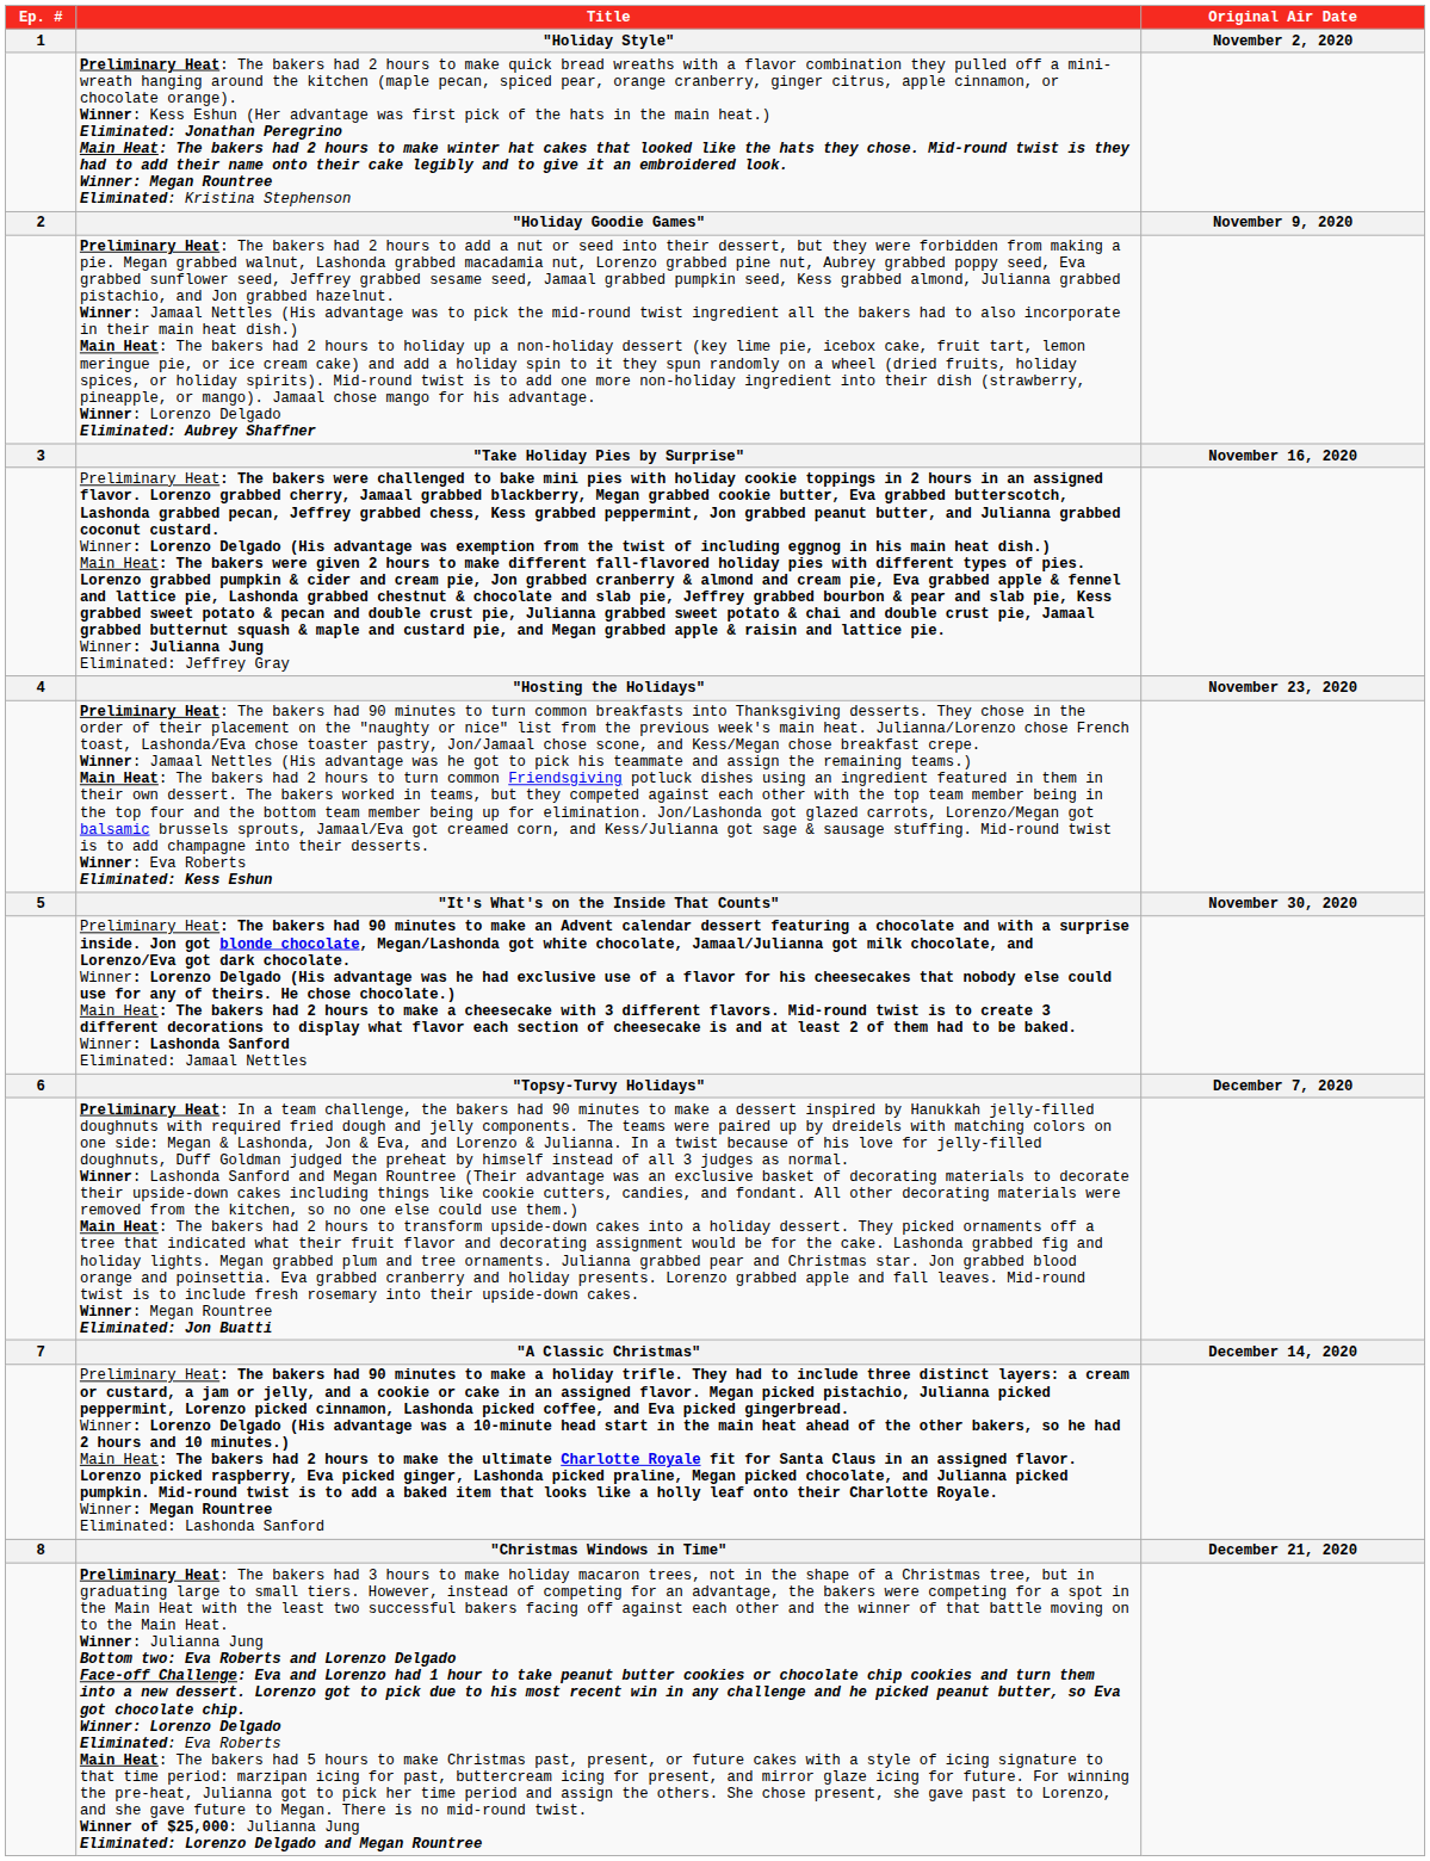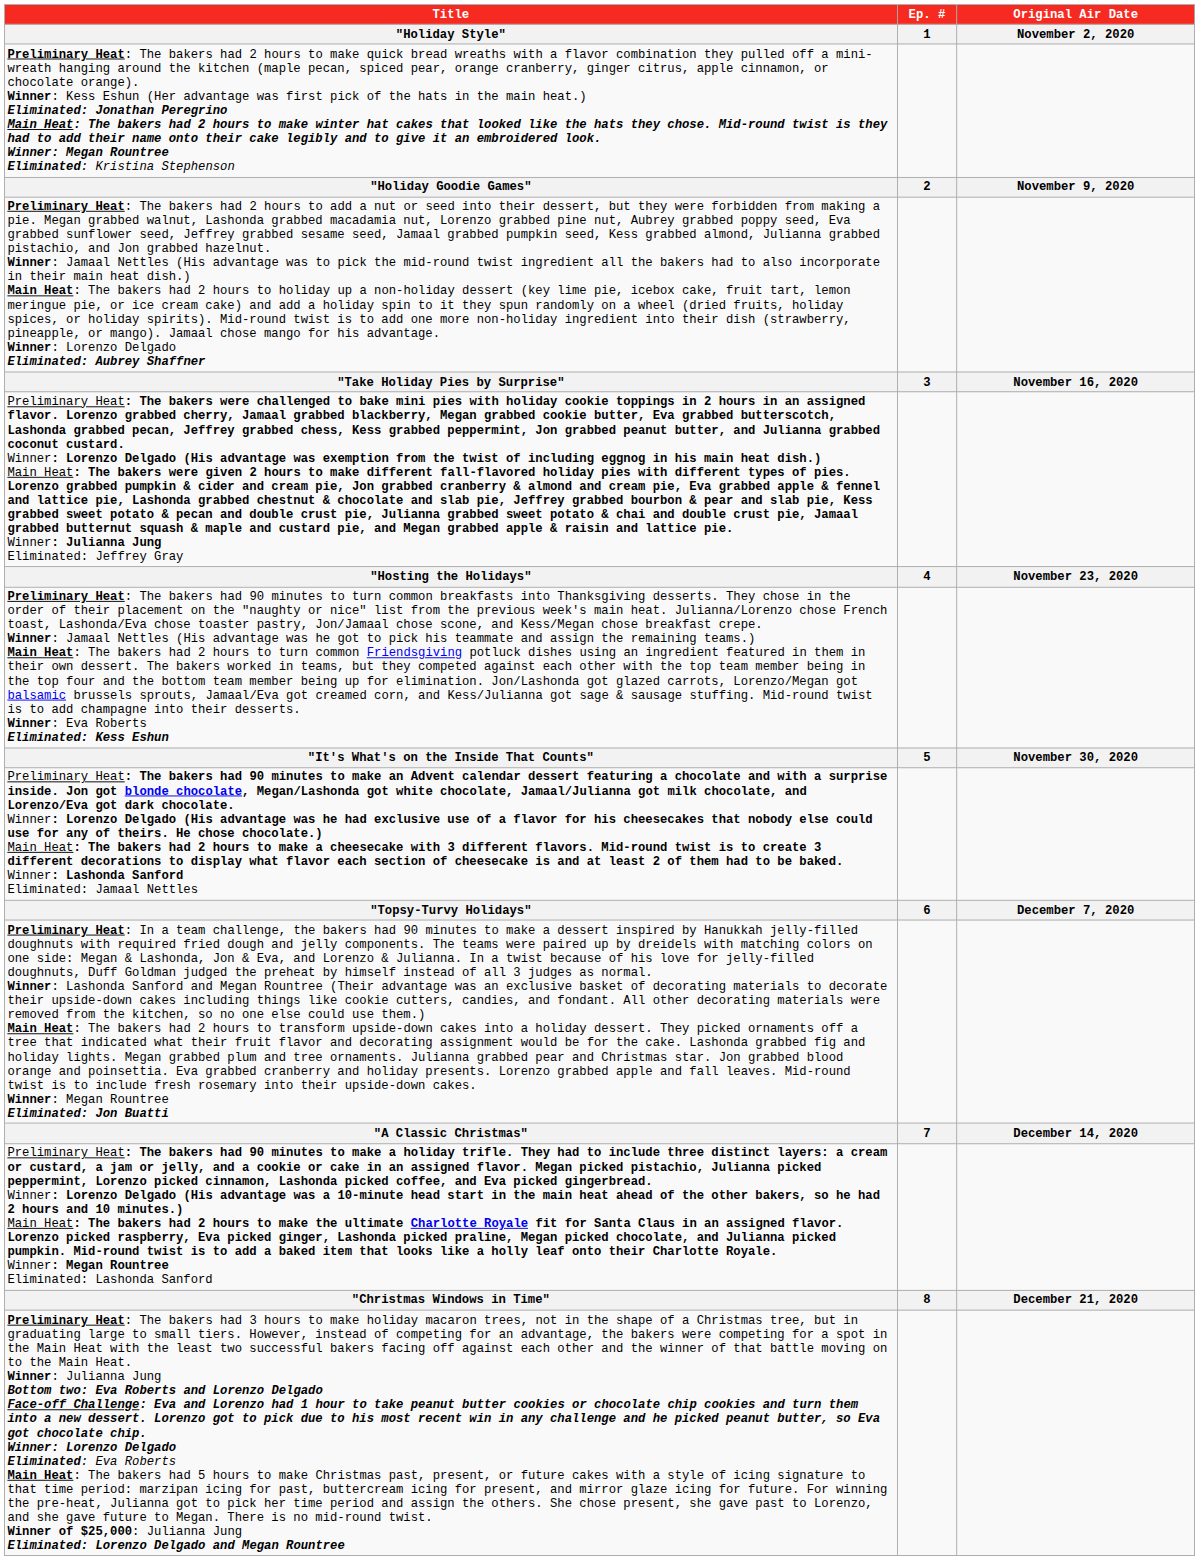 <table class="wikitable plainrowheaders" style="width:80%;">
 <tr>
+<th style="background-color: #f62a20; color: #FFFFFF;">Title</th>
 <th style="background-color: #f62a20; color: #FFFFFF;" width=5%>Ep. #</th>
-<th style="background-color: #f62a20; color: #FFFFFF;">Title</th>
 <th style="background-color: #f62a20; color: #FFFFFF;" width=20%>Original Air Date</th>
 </tr>
 <tr>
+<th>"Holiday Style"</th>
 <th align="center">1</th>
-<th>"Holiday Style"</th>
 <th>November 2, 2020</th>
 </tr>
 <tr>
+<td><strong><u>Preliminary Heat</u></strong>: The bakers had 2 hours to make quick bread wreaths with a flavor combination they pulled off a mini-wreath hanging around the kitchen (maple pecan, spiced pear, orange cranberry, ginger citrus, apple cinnamon, or chocolate orange).<br><strong>Winner</strong>: Kess Eshun (Her advantage was first pick of the hats in the main heat.)<br><strong><em>Eliminated<strong>: Jonathan Peregrino<em><br></strong><u>Main Heat</u><strong>: The bakers had 2 hours to make winter hat cakes that looked like the hats they chose. Mid-round twist is they had to add their name onto their cake legibly and to give it an embroidered look.<br></strong>Winner<strong>: Megan Rountree<br></em></strong>Eliminated</strong>: Kristina Stephenson</em></td>
 <td></td>
-<td><strong><u>Preliminary Heat</u></strong>: The bakers had 2 hours to make quick bread wreaths with a flavor combination they pulled off a mini-wreath hanging around the kitchen (maple pecan, spiced pear, orange cranberry, ginger citrus, apple cinnamon, or chocolate orange).<br><strong>Winner</strong>: Kess Eshun (Her advantage was first pick of the hats in the main heat.)<br><strong><em>Eliminated<strong>: Jonathan Peregrino<em><br></strong><u>Main Heat</u><strong>: The bakers had 2 hours to make winter hat cakes that looked like the hats they chose. Mid-round twist is they had to add their name onto their cake legibly and to give it an embroidered look.<br></strong>Winner<strong>: Megan Rountree<br></em></strong>Eliminated</strong>: Kristina Stephenson</em></td>
 <td></td>
 </tr>
 <tr>
+<th>"Holiday Goodie Games"</th>
 <th align="center">2</th>
-<th>"Holiday Goodie Games"</th>
 <th>November 9, 2020</th>
 </tr>
 <tr>
+<td><strong><u>Preliminary Heat</u></strong>: The bakers had 2 hours to add a nut or seed into their dessert, but they were forbidden from making a pie. Megan grabbed walnut, Lashonda grabbed macadamia nut, Lorenzo grabbed pine nut, Aubrey grabbed poppy seed, Eva grabbed sunflower seed, Jeffrey grabbed sesame seed, Jamaal grabbed pumpkin seed, Kess grabbed almond, Julianna grabbed pistachio, and Jon grabbed hazelnut.<br><strong>Winner</strong>: Jamaal Nettles (His advantage was to pick the mid-round twist ingredient all the bakers had to also incorporate in their main heat dish.)<br><strong><u>Main Heat</u></strong>: The bakers had 2 hours to holiday up a non-holiday dessert (key lime pie, icebox cake, fruit tart, lemon meringue pie, or ice cream cake) and add a holiday spin to it they spun randomly on a wheel (dried fruits, holiday spices, or holiday spirits). Mid-round twist is to add one more non-holiday ingredient into their dish (strawberry, pineapple, or mango). Jamaal chose mango for his advantage.<br><strong>Winner</strong>: Lorenzo Delgado<br><strong><em>Eliminated<strong>: Aubrey Shaffner<em></td>
 <td></td>
-<td><strong><u>Preliminary Heat</u></strong>: The bakers had 2 hours to add a nut or seed into their dessert, but they were forbidden from making a pie. Megan grabbed walnut, Lashonda grabbed macadamia nut, Lorenzo grabbed pine nut, Aubrey grabbed poppy seed, Eva grabbed sunflower seed, Jeffrey grabbed sesame seed, Jamaal grabbed pumpkin seed, Kess grabbed almond, Julianna grabbed pistachio, and Jon grabbed hazelnut.<br><strong>Winner</strong>: Jamaal Nettles (His advantage was to pick the mid-round twist ingredient all the bakers had to also incorporate in their main heat dish.)<br><strong><u>Main Heat</u></strong>: The bakers had 2 hours to holiday up a non-holiday dessert (key lime pie, icebox cake, fruit tart, lemon meringue pie, or ice cream cake) and add a holiday spin to it they spun randomly on a wheel (dried fruits, holiday spices, or holiday spirits). Mid-round twist is to add one more non-holiday ingredient into their dish (strawberry, pineapple, or mango). Jamaal chose mango for his advantage.<br><strong>Winner</strong>: Lorenzo Delgado<br><strong><em>Eliminated<strong>: Aubrey Shaffner<em></td>
 <td></td>
 </tr>
 <tr>
+<th>"Take Holiday Pies by Surprise"</th>
 <th align="center">3</th>
-<th>"Take Holiday Pies by Surprise"</th>
 <th>November 16, 2020</th>
 </tr>
 <tr>
+<td></strong><u>Preliminary Heat</u><strong>: The bakers were challenged to bake mini pies with holiday cookie toppings in 2 hours in an assigned flavor. Lorenzo grabbed cherry, Jamaal grabbed blackberry, Megan grabbed cookie butter, Eva grabbed butterscotch, Lashonda grabbed pecan, Jeffrey grabbed chess, Kess grabbed peppermint, Jon grabbed peanut butter, and Julianna grabbed coconut custard.<br></strong>Winner<strong>: Lorenzo Delgado (His advantage was exemption from the twist of including eggnog in his main heat dish.)<br></strong><u>Main Heat</u><strong>: The bakers were given 2 hours to make different fall-flavored holiday pies with different types of pies. Lorenzo grabbed pumpkin & cider and cream pie, Jon grabbed cranberry & almond and cream pie, Eva grabbed apple & fennel and lattice pie, Lashonda grabbed chestnut & chocolate and slab pie, Jeffrey grabbed bourbon & pear and slab pie, Kess grabbed sweet potato & pecan and double crust pie, Julianna grabbed sweet potato & chai and double crust pie, Jamaal grabbed butternut squash & maple and custard pie, and Megan grabbed apple & raisin and lattice pie.<br></strong>Winner<strong>: Julianna Jung<br></em></strong>Eliminated</strong>: Jeffrey Gray</em></td>
 <td></td>
-<td></strong><u>Preliminary Heat</u><strong>: The bakers were challenged to bake mini pies with holiday cookie toppings in 2 hours in an assigned flavor. Lorenzo grabbed cherry, Jamaal grabbed blackberry, Megan grabbed cookie butter, Eva grabbed butterscotch, Lashonda grabbed pecan, Jeffrey grabbed chess, Kess grabbed peppermint, Jon grabbed peanut butter, and Julianna grabbed coconut custard.<br></strong>Winner<strong>: Lorenzo Delgado (His advantage was exemption from the twist of including eggnog in his main heat dish.)<br></strong><u>Main Heat</u><strong>: The bakers were given 2 hours to make different fall-flavored holiday pies with different types of pies. Lorenzo grabbed pumpkin & cider and cream pie, Jon grabbed cranberry & almond and cream pie, Eva grabbed apple & fennel and lattice pie, Lashonda grabbed chestnut & chocolate and slab pie, Jeffrey grabbed bourbon & pear and slab pie, Kess grabbed sweet potato & pecan and double crust pie, Julianna grabbed sweet potato & chai and double crust pie, Jamaal grabbed butternut squash & maple and custard pie, and Megan grabbed apple & raisin and lattice pie.<br></strong>Winner<strong>: Julianna Jung<br></em></strong>Eliminated</strong>: Jeffrey Gray</em></td>
 <td></td>
 </tr>
 <tr>
+<th>"Hosting the Holidays"</th>
 <th align="center">4</th>
-<th>"Hosting the Holidays"</th>
 <th>November 23, 2020</th>
 </tr>
 <tr>
+<td><strong><u>Preliminary Heat</u></strong>: The bakers had 90 minutes to turn common breakfasts into Thanksgiving desserts. They chose in the order of their placement on the "naughty or nice" list from the previous week's main heat. Julianna/Lorenzo chose French toast, Lashonda/Eva chose toaster pastry, Jon/Jamaal chose scone, and Kess/Megan chose breakfast crepe.<br><strong>Winner</strong>: Jamaal Nettles (His advantage was he got to pick his teammate and assign the remaining teams.)<br><strong><u>Main Heat</u></strong>: The bakers had 2 hours to turn common <a href='#'>Friendsgiving</a> potluck dishes using an ingredient featured in them in their own dessert. The bakers worked in teams, but they competed against each other with the top team member being in the top four and the bottom team member being up for elimination. Jon/Lashonda got glazed carrots, Lorenzo/Megan got <a href='#'>balsamic</a> brussels sprouts, Jamaal/Eva got creamed corn, and Kess/Julianna got sage & sausage stuffing. Mid-round twist is to add champagne into their desserts.<br><strong>Winner</strong>: Eva Roberts<br><strong><em>Eliminated<strong>: Kess Eshun<em></td>
 <td></td>
-<td><strong><u>Preliminary Heat</u></strong>: The bakers had 90 minutes to turn common breakfasts into Thanksgiving desserts. They chose in the order of their placement on the "naughty or nice" list from the previous week's main heat. Julianna/Lorenzo chose French toast, Lashonda/Eva chose toaster pastry, Jon/Jamaal chose scone, and Kess/Megan chose breakfast crepe.<br><strong>Winner</strong>: Jamaal Nettles (His advantage was he got to pick his teammate and assign the remaining teams.)<br><strong><u>Main Heat</u></strong>: The bakers had 2 hours to turn common <a href='#'>Friendsgiving</a> potluck dishes using an ingredient featured in them in their own dessert. The bakers worked in teams, but they competed against each other with the top team member being in the top four and the bottom team member being up for elimination. Jon/Lashonda got glazed carrots, Lorenzo/Megan got <a href='#'>balsamic</a> brussels sprouts, Jamaal/Eva got creamed corn, and Kess/Julianna got sage & sausage stuffing. Mid-round twist is to add champagne into their desserts.<br><strong>Winner</strong>: Eva Roberts<br><strong><em>Eliminated<strong>: Kess Eshun<em></td>
 <td></td>
 </tr>
 <tr>
+<th>"It's What's on the Inside That Counts"</th>
 <th>5</th>
-<th>"It's What's on the Inside That Counts"</th>
 <th>November 30, 2020</th>
 </tr>
 <tr>
+<td></strong><u>Preliminary Heat</u><strong>: The bakers had 90 minutes to make an Advent calendar dessert featuring a chocolate and with a surprise inside. Jon got <a href='#'>blonde chocolate</a>, Megan/Lashonda got white chocolate, Jamaal/Julianna got milk chocolate, and Lorenzo/Eva got dark chocolate.<br></strong>Winner<strong>: Lorenzo Delgado (His advantage was he had exclusive use of a flavor for his cheesecakes that nobody else could use for any of theirs. He chose chocolate.)<br></strong><u>Main Heat</u><strong>: The bakers had 2 hours to make a cheesecake with 3 different flavors. Mid-round twist is to create 3 different decorations to display what flavor each section of cheesecake is and at least 2 of them had to be baked.<br></strong>Winner<strong>: Lashonda Sanford<br></em></strong>Eliminated</strong>: Jamaal Nettles</em></td>
 <td></td>
-<td></strong><u>Preliminary Heat</u><strong>: The bakers had 90 minutes to make an Advent calendar dessert featuring a chocolate and with a surprise inside. Jon got <a href='#'>blonde chocolate</a>, Megan/Lashonda got white chocolate, Jamaal/Julianna got milk chocolate, and Lorenzo/Eva got dark chocolate.<br></strong>Winner<strong>: Lorenzo Delgado (His advantage was he had exclusive use of a flavor for his cheesecakes that nobody else could use for any of theirs. He chose chocolate.)<br></strong><u>Main Heat</u><strong>: The bakers had 2 hours to make a cheesecake with 3 different flavors. Mid-round twist is to create 3 different decorations to display what flavor each section of cheesecake is and at least 2 of them had to be baked.<br></strong>Winner<strong>: Lashonda Sanford<br></em></strong>Eliminated</strong>: Jamaal Nettles</em></td>
 <td></td>
 </tr>
 <tr>
+<th>"Topsy-Turvy Holidays"</th>
 <th>6</th>
-<th>"Topsy-Turvy Holidays"</th>
 <th>December 7, 2020</th>
 </tr>
 <tr>
+<td><strong><u>Preliminary Heat</u></strong>: In a team challenge, the bakers had 90 minutes to make a dessert inspired by Hanukkah jelly-filled doughnuts with required fried dough and jelly components. The teams were paired up by dreidels with matching colors on one side: Megan & Lashonda, Jon & Eva, and Lorenzo & Julianna. In a twist because of his love for jelly-filled doughnuts, Duff Goldman judged the preheat by himself instead of all 3 judges as normal.<br><strong>Winner</strong>: Lashonda Sanford and Megan Rountree (Their advantage was an exclusive basket of decorating materials to decorate their upside-down cakes including things like cookie cutters, candies, and fondant. All other decorating materials were removed from the kitchen, so no one else could use them.)<br><strong><u>Main Heat</u></strong>: The bakers had 2 hours to transform upside-down cakes into a holiday dessert. They picked ornaments off a tree that indicated what their fruit flavor and decorating assignment would be for the cake. Lashonda grabbed fig and holiday lights. Megan grabbed plum and tree ornaments. Julianna grabbed pear and Christmas star. Jon grabbed blood orange and poinsettia. Eva grabbed cranberry and holiday presents. Lorenzo grabbed apple and fall leaves. Mid-round twist is to include fresh rosemary into their upside-down cakes.<br><strong>Winner</strong>: Megan Rountree<br><strong><em>Eliminated<strong>: Jon Buatti<em></td>
 <td></td>
-<td><strong><u>Preliminary Heat</u></strong>: In a team challenge, the bakers had 90 minutes to make a dessert inspired by Hanukkah jelly-filled doughnuts with required fried dough and jelly components. The teams were paired up by dreidels with matching colors on one side: Megan & Lashonda, Jon & Eva, and Lorenzo & Julianna. In a twist because of his love for jelly-filled doughnuts, Duff Goldman judged the preheat by himself instead of all 3 judges as normal.<br><strong>Winner</strong>: Lashonda Sanford and Megan Rountree (Their advantage was an exclusive basket of decorating materials to decorate their upside-down cakes including things like cookie cutters, candies, and fondant. All other decorating materials were removed from the kitchen, so no one else could use them.)<br><strong><u>Main Heat</u></strong>: The bakers had 2 hours to transform upside-down cakes into a holiday dessert. They picked ornaments off a tree that indicated what their fruit flavor and decorating assignment would be for the cake. Lashonda grabbed fig and holiday lights. Megan grabbed plum and tree ornaments. Julianna grabbed pear and Christmas star. Jon grabbed blood orange and poinsettia. Eva grabbed cranberry and holiday presents. Lorenzo grabbed apple and fall leaves. Mid-round twist is to include fresh rosemary into their upside-down cakes.<br><strong>Winner</strong>: Megan Rountree<br><strong><em>Eliminated<strong>: Jon Buatti<em></td>
 <td></td>
 </tr>
 <tr>
+<th>"A Classic Christmas"</th>
 <th>7</th>
-<th>"A Classic Christmas"</th>
 <th>December 14, 2020</th>
 </tr>
 <tr>
+<td></strong><u>Preliminary Heat</u><strong>: The bakers had 90 minutes to make a holiday trifle. They had to include three distinct layers: a cream or custard, a jam or jelly, and a cookie or cake in an assigned flavor. Megan picked pistachio, Julianna picked peppermint, Lorenzo picked cinnamon, Lashonda picked coffee, and Eva picked gingerbread.<br></strong>Winner<strong>: Lorenzo Delgado (His advantage was a 10-minute head start in the main heat ahead of the other bakers, so he had 2 hours and 10 minutes.)<br></strong><u>Main Heat</u><strong>: The bakers had 2 hours to make the ultimate <a href='#'>Charlotte Royale</a> fit for Santa Claus in an assigned flavor. Lorenzo picked raspberry, Eva picked ginger, Lashonda picked praline, Megan picked chocolate, and Julianna picked pumpkin. Mid-round twist is to add a baked item that looks like a holly leaf onto their Charlotte Royale.<br></strong>Winner<strong>: Megan Rountree<br></em></strong>Eliminated</strong>: Lashonda Sanford</em></td>
 <td></td>
-<td></strong><u>Preliminary Heat</u><strong>: The bakers had 90 minutes to make a holiday trifle. They had to include three distinct layers: a cream or custard, a jam or jelly, and a cookie or cake in an assigned flavor. Megan picked pistachio, Julianna picked peppermint, Lorenzo picked cinnamon, Lashonda picked coffee, and Eva picked gingerbread.<br></strong>Winner<strong>: Lorenzo Delgado (His advantage was a 10-minute head start in the main heat ahead of the other bakers, so he had 2 hours and 10 minutes.)<br></strong><u>Main Heat</u><strong>: The bakers had 2 hours to make the ultimate <a href='#'>Charlotte Royale</a> fit for Santa Claus in an assigned flavor. Lorenzo picked raspberry, Eva picked ginger, Lashonda picked praline, Megan picked chocolate, and Julianna picked pumpkin. Mid-round twist is to add a baked item that looks like a holly leaf onto their Charlotte Royale.<br></strong>Winner<strong>: Megan Rountree<br></em></strong>Eliminated</strong>: Lashonda Sanford</em></td>
 <td></td>
 </tr>
 <tr>
+<th>"Christmas Windows in Time"</th>
 <th>8</th>
-<th>"Christmas Windows in Time"</th>
 <th>December 21, 2020</th>
 </tr>
 <tr>
+<td><strong><u>Preliminary Heat</u></strong>: The bakers had 3 hours to make holiday macaron trees, not in the shape of a Christmas tree, but in graduating large to small tiers. However, instead of competing for an advantage, the bakers were competing for a spot in the Main Heat with the least two successful bakers facing off against each other and the winner of that battle moving on to the Main Heat.<br><strong>Winner</strong>: Julianna Jung<br><strong><em>Bottom two<strong>: Eva Roberts<em> and </em>Lorenzo Delgado<em><br></strong><u>Face-off Challenge</u><strong>: Eva and Lorenzo had 1 hour to take peanut butter cookies or chocolate chip cookies and turn them into a new dessert. Lorenzo got to pick due to his most recent win in any challenge and he picked peanut butter, so Eva got chocolate chip.<br></strong>Winner<strong>: Lorenzo Delgado<br></em></strong>Eliminated</strong>: Eva Roberts</em><br><strong><u>Main Heat</u></strong>: The bakers had 5 hours to make Christmas past, present, or future cakes with a style of icing signature to that time period: marzipan icing for past, buttercream icing for present, and mirror glaze icing for future. For winning the pre-heat, Julianna got to pick her time period and assign the others. She chose present, she gave past to Lorenzo, and she gave future to Megan. There is no mid-round twist.<br><strong>Winner of $25,000</strong>: Julianna Jung<br><strong><em>Eliminated<strong>: Lorenzo Delgado<em> and </em>Megan Rountree<em></td>
 <td></td>
-<td><strong><u>Preliminary Heat</u></strong>: The bakers had 3 hours to make holiday macaron trees, not in the shape of a Christmas tree, but in graduating large to small tiers. However, instead of competing for an advantage, the bakers were competing for a spot in the Main Heat with the least two successful bakers facing off against each other and the winner of that battle moving on to the Main Heat.<br><strong>Winner</strong>: Julianna Jung<br><strong><em>Bottom two<strong>: Eva Roberts<em> and </em>Lorenzo Delgado<em><br></strong><u>Face-off Challenge</u><strong>: Eva and Lorenzo had 1 hour to take peanut butter cookies or chocolate chip cookies and turn them into a new dessert. Lorenzo got to pick due to his most recent win in any challenge and he picked peanut butter, so Eva got chocolate chip.<br></strong>Winner<strong>: Lorenzo Delgado<br></em></strong>Eliminated</strong>: Eva Roberts</em><br><strong><u>Main Heat</u></strong>: The bakers had 5 hours to make Christmas past, present, or future cakes with a style of icing signature to that time period: marzipan icing for past, buttercream icing for present, and mirror glaze icing for future. For winning the pre-heat, Julianna got to pick her time period and assign the others. She chose present, she gave past to Lorenzo, and she gave future to Megan. There is no mid-round twist.<br><strong>Winner of $25,000</strong>: Julianna Jung<br><strong><em>Eliminated<strong>: Lorenzo Delgado<em> and </em>Megan Rountree<em></td>
 <td></td>
 </tr>
 </table>
